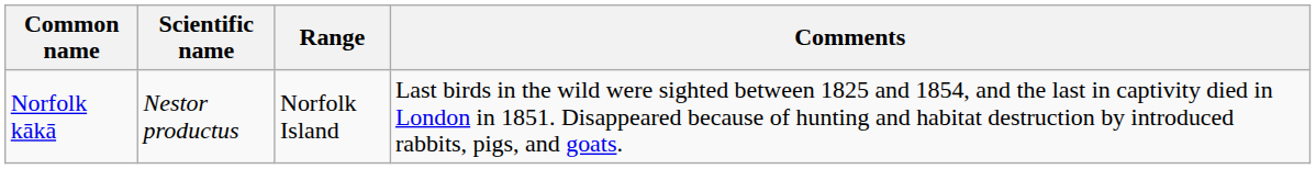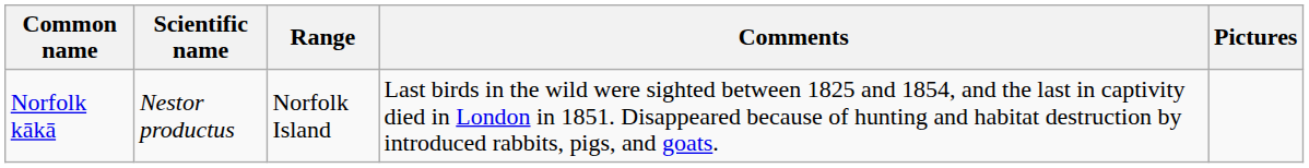 <table class="wikitable">
 <tr>
 <th>Common name</th>
 <th>Scientific name</th>
 <th>Range</th>
 <th class="unsortable">Comments</th>
+<th class="unsortable">Pictures</th>
 </tr>
 <tr>
 <td><a href='#'>Norfolk kākā</a></td>
 <td><em>Nestor productus</em></td>
 <td>Norfolk Island</td>
 <td>Last birds in the wild were sighted between 1825 and 1854, and the last in captivity died in <a href='#'>London</a> in 1851. Disappeared because of hunting and habitat destruction by introduced rabbits, pigs, and <a href='#'>goats</a>.</td>
+<td></td>
 </tr>
 </table>
